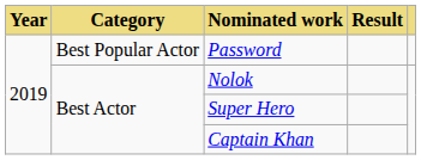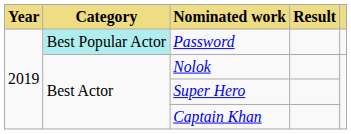 <table class="wikitable" style="width=80%;">
 <tr>
 <th style="background:#EEDD82;">Year</th>
 <th style="background:#EEDD82;">Category</th>
 <th style="background:#EEDD82;">Nominated work</th>
 <th style="background:#EEDD82;">Result</th>
 <th style="background:#EEDD82;"></th>
 </tr>
 <tr>
 <td rowspan="4">2019</td>
-<td>Best Popular Actor</td>
+<td style="background: paleturquoise;">Best Popular Actor</td>
 <td><a href='#'><em>Password</em></a></td>
 <td></td>
 <td></td>
 </tr>
 <tr>
 <td rowspan="3">Best Actor</td>
 <td><a href='#'><em>Nolok</em></a></td>
 <td></td>
 <td rowspan="3"></td>
 </tr>
 <tr>
 <td><a href='#'><em>Super Hero</em></a></td>
 <td></td>
 </tr>
 <tr>
 <td><a href='#'><em>Captain Khan</em></a></td>
 <td></td>
 </tr>
 </table>
